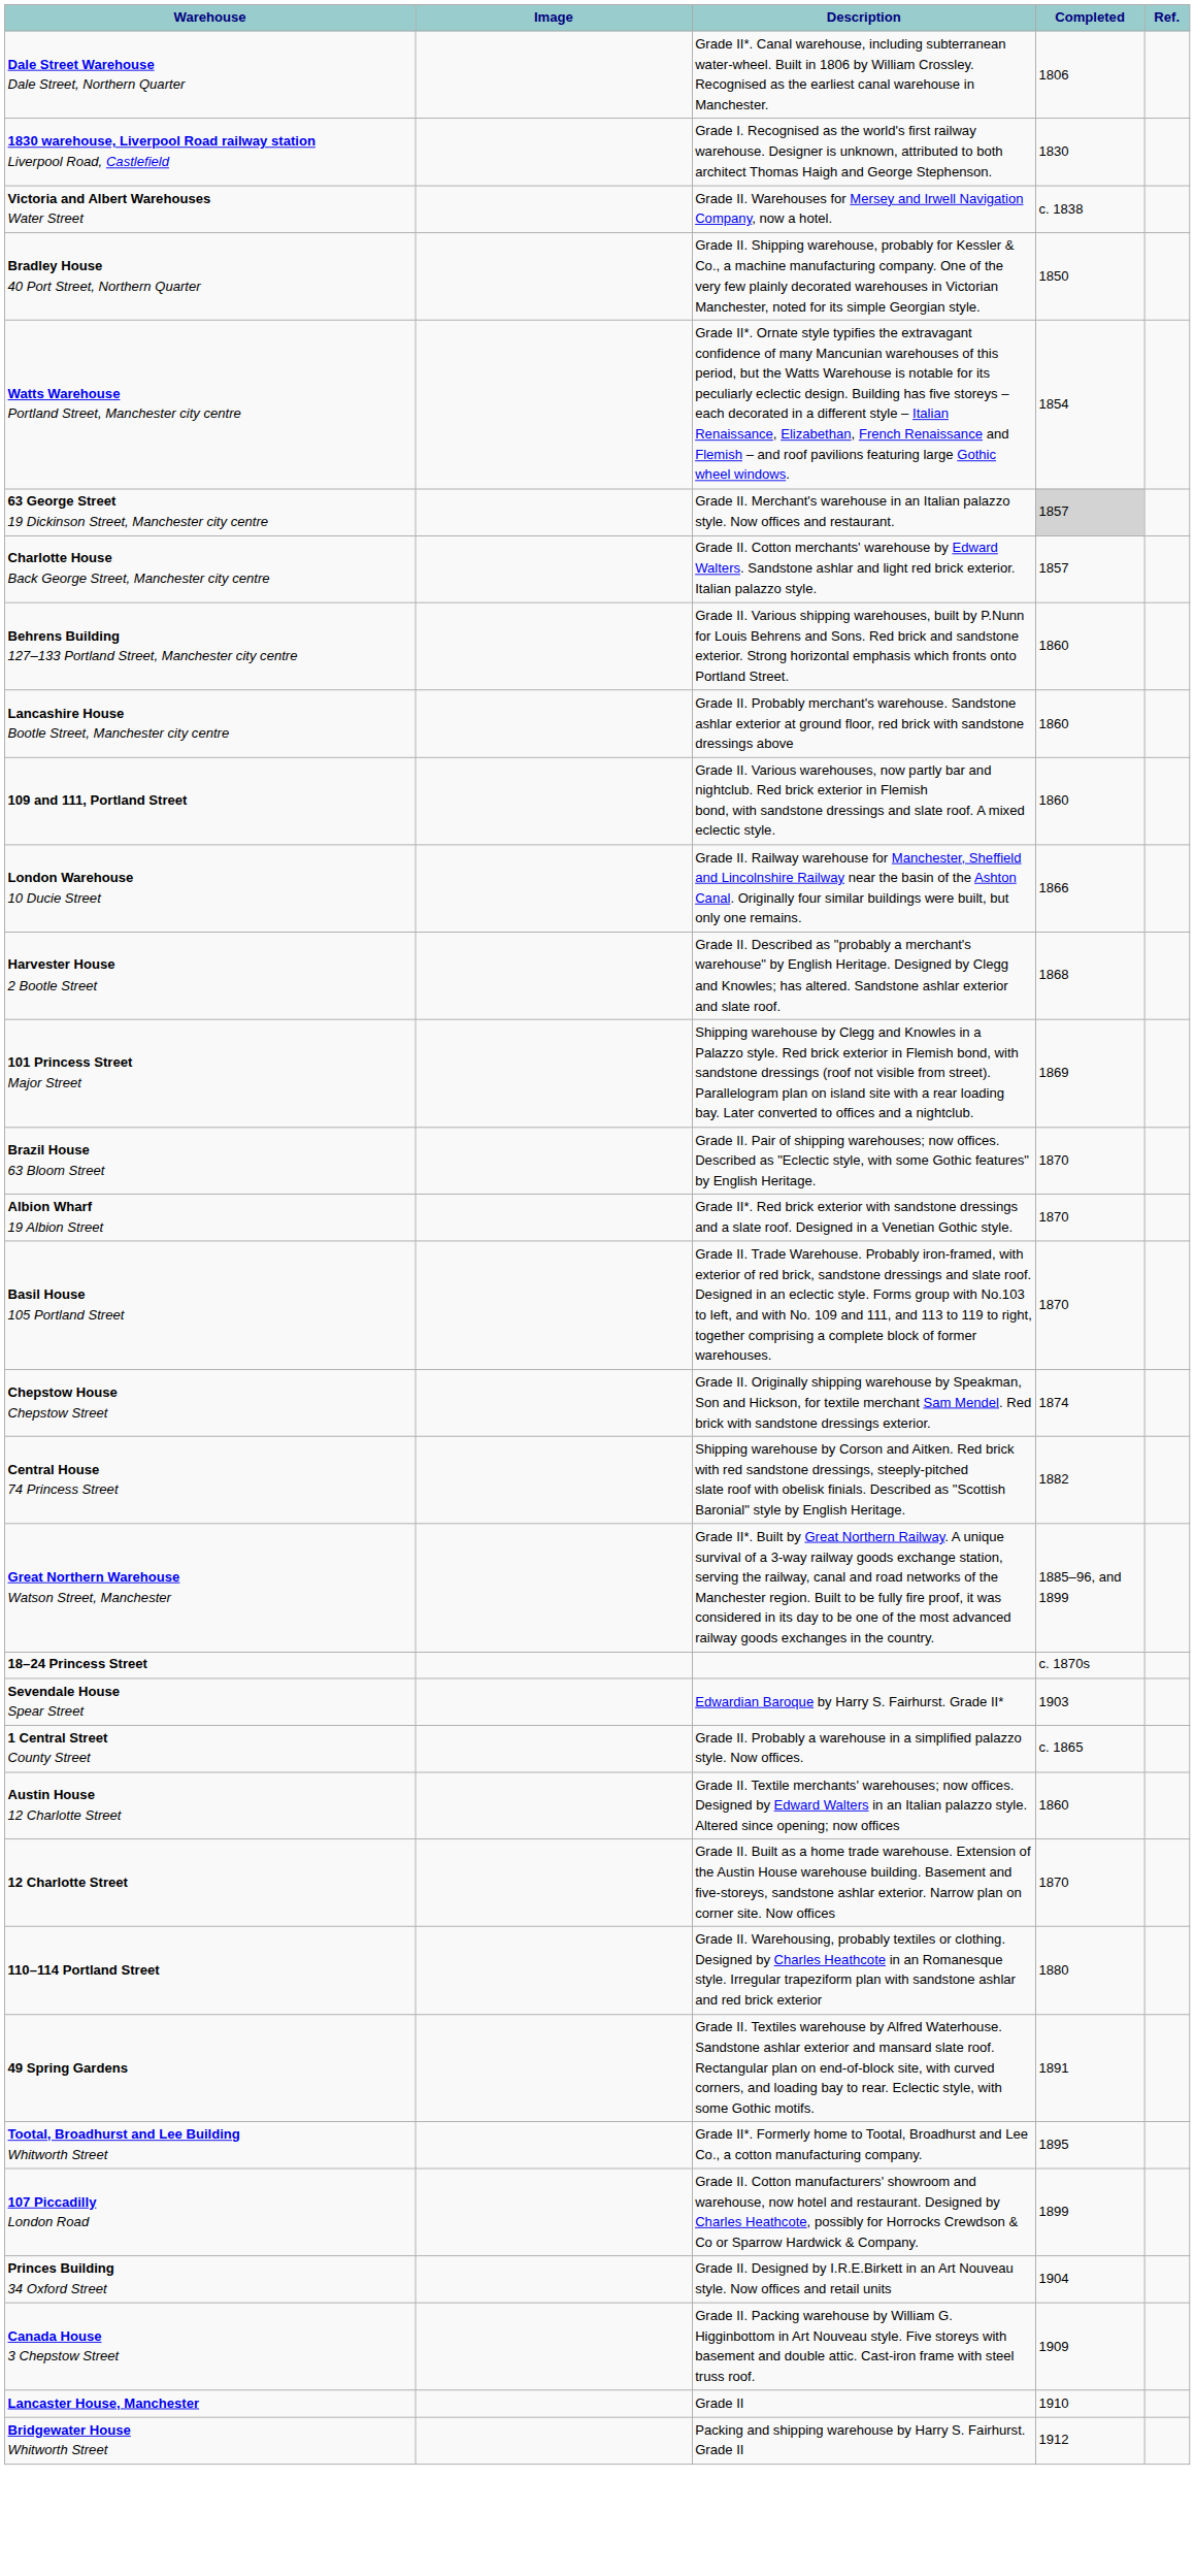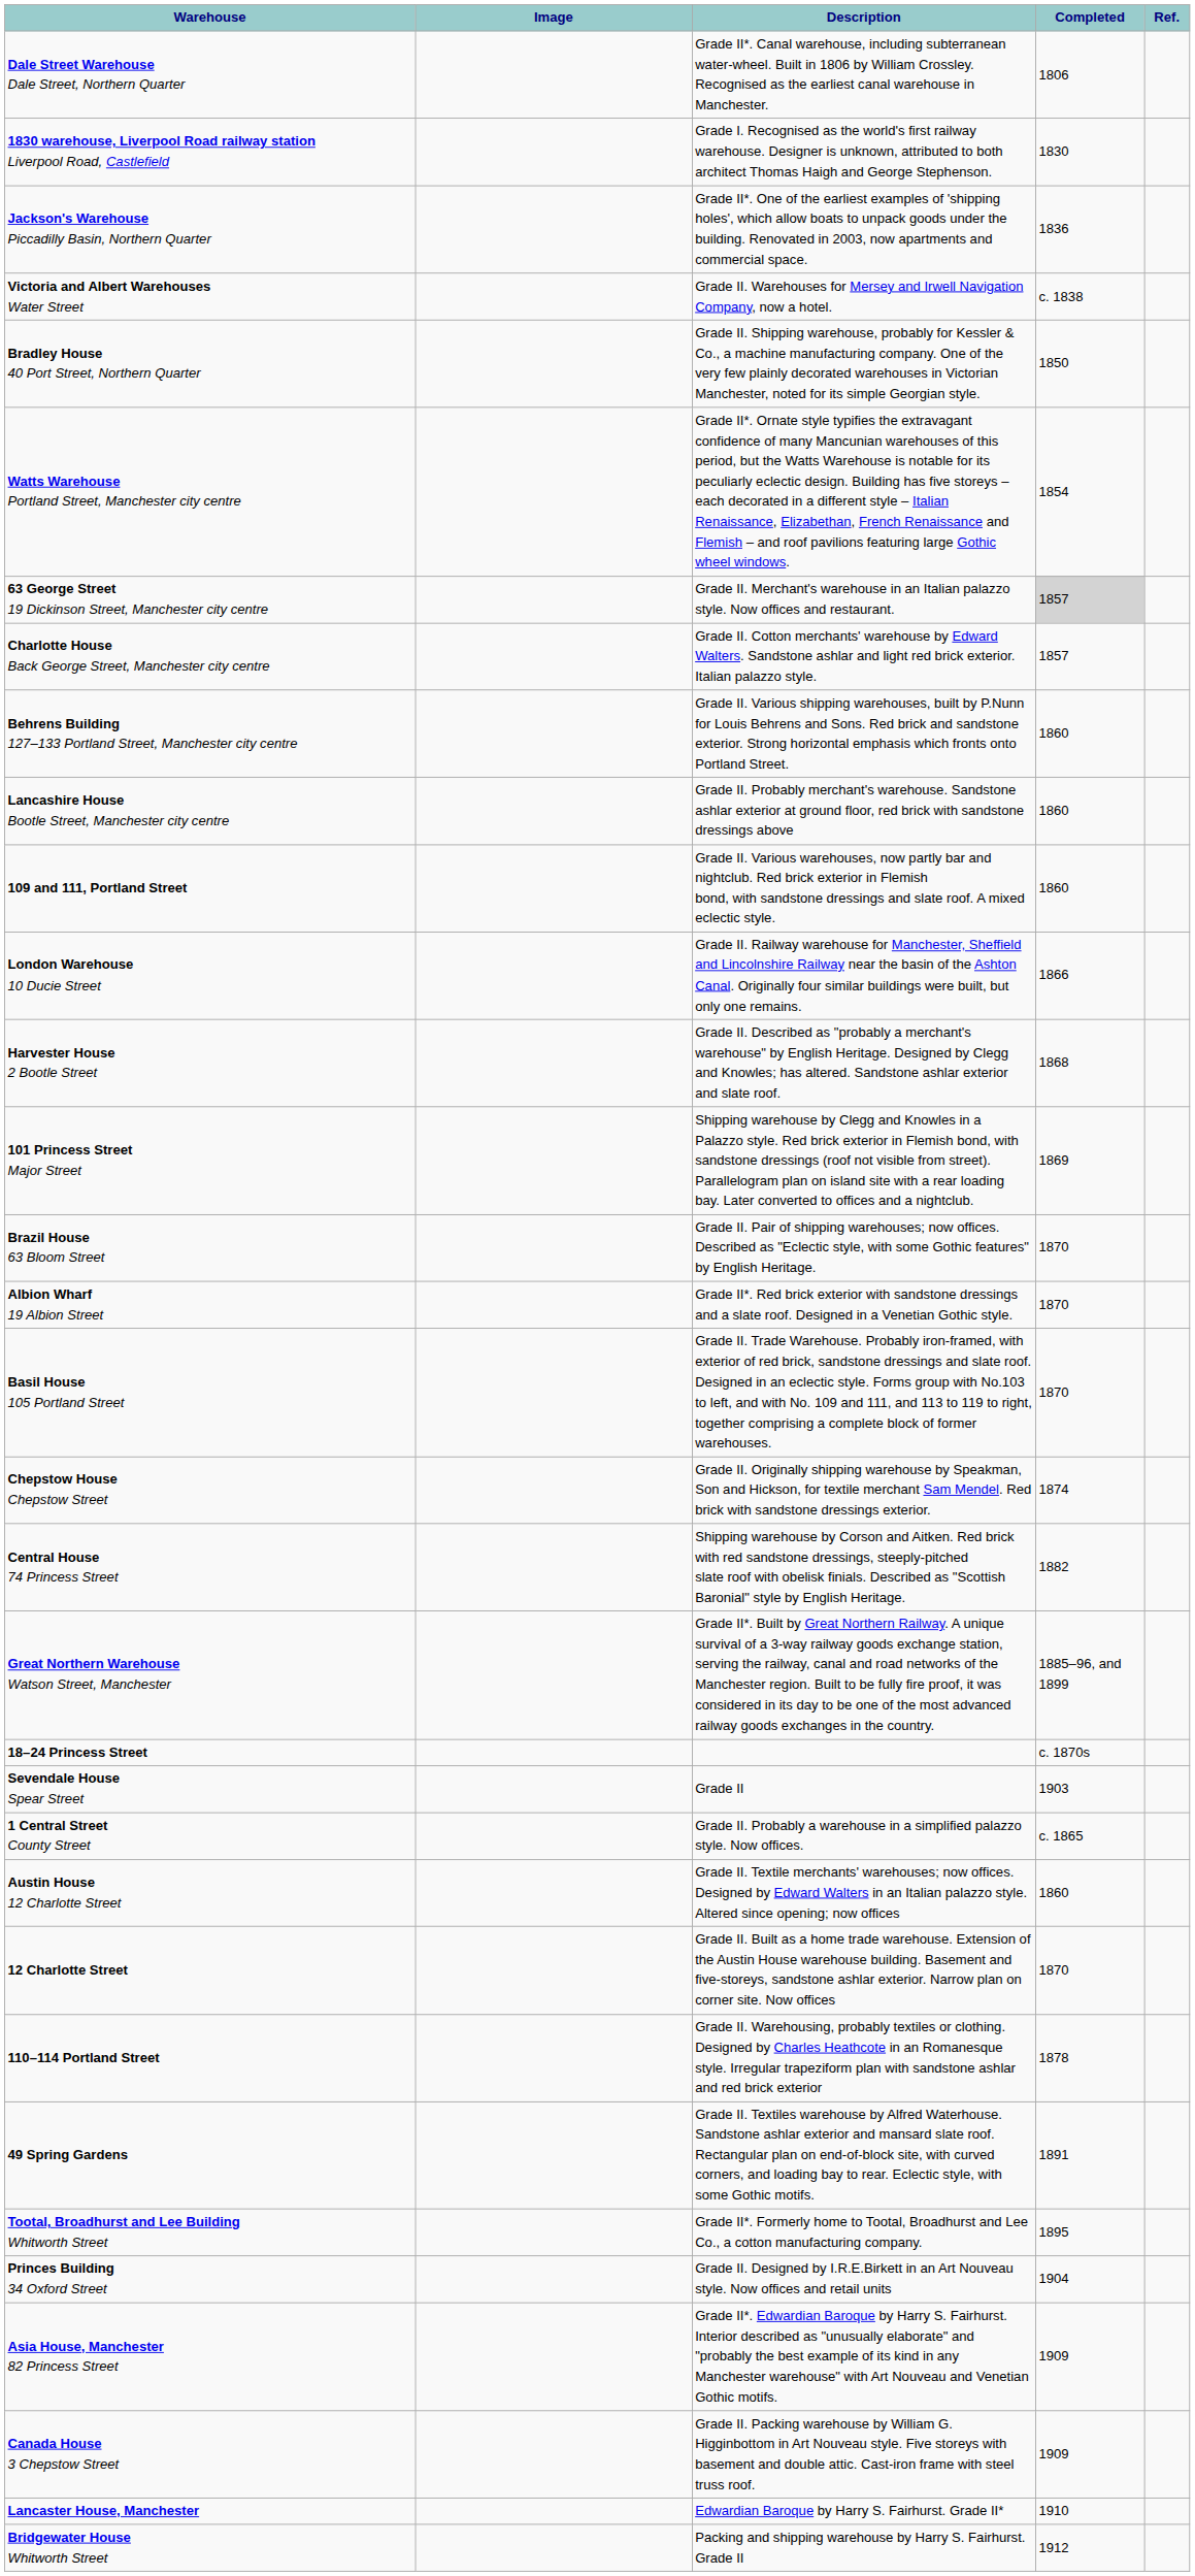 <table class="wikitable sortable" style="font-size:90%; width:100%; border:0; text-align:left; line-height:150%;">
 <tr>
 <th style="background:#9cc; color:navy; width:300px;">Warehouse</th>
 <th style="background:#9cc; color:navy; width:200px;">Image</th>
 <th style="background:#9cc; color:navy; width:250px;">Description</th>
 <th style="background:#9cc; color:navy; width:35px;">Completed</th>
 <th class="unsortable"  style="background:#9cc; color:navy; width:10px;">Ref.</th>
 </tr>
 <tr>
 <td><strong><a href='#'>Dale Street Warehouse</a></strong><br><em>Dale Street, Northern Quarter</em></td>
 <td></td>
 <td>Grade II*. Canal warehouse, including subterranean water-wheel. Built in 1806 by William Crossley. Recognised as the earliest canal warehouse in Manchester.</td>
 <td>1806</td>
 <td></td>
 </tr>
 <tr>
 <td><strong><a href='#'>1830 warehouse, Liverpool Road railway station</a></strong><br><em>Liverpool Road, <a href='#'>Castlefield</a></em></td>
 <td></td>
 <td>Grade I. Recognised as the world's first railway warehouse. Designer is unknown, attributed to both architect Thomas Haigh and George Stephenson.</td>
 <td>1830</td>
+<td></td>
+</tr>
+<tr>
+<td><strong><a href='#'>Jackson's Warehouse</a></strong><br><em>Piccadilly Basin, Northern Quarter</em></td>
+<td></td>
+<td>Grade II*. One of the earliest examples of 'shipping holes', which allow boats to unpack goods under the building. Renovated in 2003, now apartments and commercial space.</td>
+<td>1836</td>
 <td></td>
 </tr>
 <tr>
 <td><strong>Victoria and Albert Warehouses</strong><br><em>Water Street</em></td>
 <td></td>
 <td>Grade II. Warehouses for <a href='#'>Mersey and Irwell Navigation Company</a>, now a  hotel.</td>
 <td>c. 1838</td>
 <td></td>
 </tr>
 <tr>
 <td><strong>Bradley House</strong><br><em>40 Port Street, Northern Quarter</em></td>
 <td></td>
 <td>Grade II. Shipping warehouse, probably for Kessler & Co., a machine manufacturing company. One of the very few plainly decorated warehouses in Victorian Manchester, noted for its simple Georgian style.</td>
 <td>1850</td>
 <td></td>
 </tr>
 <tr>
 <td><strong><a href='#'>Watts Warehouse</a></strong><br><em>Portland Street, Manchester city centre</em></td>
 <td></td>
 <td>Grade II*. Ornate style typifies the extravagant confidence of many Mancunian warehouses of this period, but the Watts Warehouse is notable for its peculiarly eclectic design. Building has five storeys – each decorated in a different style – <a href='#'>Italian Renaissance</a>, <a href='#'>Elizabethan</a>, <a href='#'>French Renaissance</a> and <a href='#'>Flemish</a> – and roof pavilions featuring large <a href='#'>Gothic</a> <a href='#'>wheel windows</a>.</td>
 <td>1854</td>
 <td></td>
 </tr>
 <tr>
 <td><strong>63 George Street</strong><br><em>19 Dickinson Street, Manchester city centre</em></td>
 <td></td>
 <td>Grade II. Merchant's warehouse in an Italian palazzo style. Now offices and restaurant.</td>
 <td style="background: lightgrey;">1857</td>
 <td></td>
 </tr>
 <tr>
 <td><strong>Charlotte House</strong><br><em>Back George Street, Manchester city centre</em></td>
 <td></td>
 <td>Grade II. Cotton merchants' warehouse by <a href='#'>Edward Walters</a>. Sandstone ashlar and light red brick exterior. Italian palazzo style.</td>
 <td>1857</td>
 <td></td>
 </tr>
 <tr>
 <td><strong>Behrens Building</strong><br><em>127–133 Portland Street, Manchester city centre</em></td>
 <td></td>
 <td>Grade II. Various shipping warehouses, built by P.Nunn for Louis Behrens and Sons. Red brick and sandstone exterior. Strong horizontal emphasis which fronts onto Portland Street.</td>
 <td>1860</td>
 <td></td>
 </tr>
 <tr>
 <td><strong>Lancashire House</strong><br><em>Bootle Street, Manchester city centre </em></td>
 <td></td>
 <td>Grade II. Probably merchant's warehouse. Sandstone ashlar exterior at ground floor, red brick with sandstone dressings above</td>
 <td>1860</td>
 <td></td>
 </tr>
 <tr>
 <td><strong>109 and 111, Portland Street</strong></td>
 <td></td>
 <td>Grade II. Various warehouses, now partly bar and nightclub. Red brick exterior in Flemish<br>bond, with sandstone dressings and slate roof. A mixed eclectic style.</td>
 <td>1860</td>
 <td></td>
 </tr>
 <tr>
 <td><strong>London Warehouse</strong><br><em>10 Ducie Street</em></td>
 <td></td>
 <td>Grade II. Railway warehouse for <a href='#'>Manchester, Sheffield and Lincolnshire Railway</a> near the basin of the <a href='#'>Ashton Canal</a>. Originally four similar buildings were built, but only one remains.</td>
 <td>1866</td>
 <td></td>
 </tr>
 <tr>
 <td><strong>Harvester House</strong><br><em>2 Bootle Street</em></td>
 <td></td>
 <td>Grade II. Described as "probably a merchant's warehouse" by English Heritage. Designed by  Clegg and Knowles; has altered. Sandstone ashlar exterior and slate roof.</td>
 <td>1868</td>
 <td></td>
 </tr>
 <tr>
 <td><strong>101 Princess Street</strong><br><em>Major Street</em></td>
 <td></td>
 <td>Shipping warehouse by Clegg and Knowles in a Palazzo style. Red brick exterior in Flemish bond, with sandstone dressings (roof not visible from street). Parallelogram plan on island site with a rear loading bay. Later converted to offices and a nightclub.</td>
 <td>1869</td>
 <td></td>
 </tr>
 <tr>
 <td><strong>Brazil House</strong><br><em>63 Bloom Street</em></td>
 <td></td>
 <td>Grade II. Pair of shipping warehouses; now offices. Described as "Eclectic style, with some Gothic features" by English Heritage.</td>
 <td>1870</td>
 <td></td>
 </tr>
 <tr>
 <td><strong>Albion Wharf</strong><br><em>19 Albion Street</em></td>
 <td></td>
 <td>Grade II*. Red brick exterior with sandstone dressings and a slate roof. Designed in a Venetian Gothic style.</td>
 <td>1870</td>
 <td></td>
 </tr>
 <tr>
 <td><strong>Basil House</strong><br><em>105 Portland Street </em></td>
 <td></td>
 <td>Grade II. Trade Warehouse. Probably iron-framed, with exterior of red brick, sandstone dressings and slate roof. Designed in an eclectic style. Forms group with No.103 to left, and with No. 109 and 111, and 113 to 119 to right, together comprising a complete block of former warehouses.</td>
 <td>1870</td>
 <td></td>
 </tr>
 <tr>
 <td><strong>Chepstow House</strong><br><em>Chepstow Street</em></td>
 <td></td>
 <td>Grade II. Originally shipping warehouse by Speakman, Son and Hickson, for textile merchant <a href='#'>Sam Mendel</a>. Red brick with sandstone dressings exterior.</td>
 <td>1874</td>
 <td></td>
 </tr>
 <tr>
 <td><strong>Central House</strong><br><em>74 Princess Street</em></td>
 <td></td>
 <td>Shipping warehouse by Corson and Aitken. Red brick with red sandstone dressings, steeply-pitched<br>slate roof with obelisk finials. Described as "Scottish Baronial" style by English Heritage.</td>
 <td>1882</td>
 <td></td>
 </tr>
 <tr>
 <td><strong><a href='#'>Great Northern Warehouse</a></strong><br><em>Watson Street, Manchester</em></td>
 <td></td>
 <td>Grade II*. Built by <a href='#'>Great Northern Railway</a>. A unique survival of a 3-way railway goods exchange station, serving the railway, canal and road networks of the Manchester region. Built to be fully fire proof, it was considered in its day to be one of the most advanced railway goods exchanges in the country.</td>
 <td>1885–96, and 1899</td>
 <td></td>
 </tr>
 <tr>
 <td><strong>18–24 Princess Street</strong></td>
 <td></td>
 <td></td>
 <td>c. 1870s</td>
 <td></td>
 </tr>
 <tr>
 <td><strong>Sevendale House</strong><br><em>Spear Street</em></td>
 <td></td>
-<td><a href='#'>Edwardian Baroque</a> by Harry S. Fairhurst. Grade II*</td>
+<td>Grade II</td>
 <td>1903</td>
 <td></td>
 </tr>
 <tr>
 <td><strong>1 Central Street</strong><br><em>County Street</em></td>
 <td></td>
 <td>Grade II. Probably a warehouse in a simplified palazzo style. Now offices.</td>
 <td>c. 1865</td>
 <td></td>
 </tr>
 <tr>
 <td><strong>Austin House</strong><br><em>12 Charlotte Street</em></td>
 <td></td>
 <td>Grade II. Textile merchants' warehouses; now offices. Designed by <a href='#'>Edward Walters</a> in an Italian palazzo style. Altered since opening; now offices</td>
 <td>1860</td>
 <td></td>
 </tr>
 <tr>
 <td><strong>12 Charlotte Street</strong></td>
 <td></td>
 <td>Grade II. Built as a home trade warehouse. Extension of the Austin House warehouse building. Basement and five-storeys, sandstone ashlar exterior. Narrow plan on corner site. Now offices</td>
 <td>1870</td>
 <td></td>
 </tr>
 <tr>
 <td><strong>110–114 Portland Street</strong></td>
 <td></td>
 <td>Grade II. Warehousing, probably textiles or clothing. Designed by <a href='#'>Charles Heathcote</a> in an Romanesque style. Irregular trapeziform plan with sandstone ashlar and red brick exterior</td>
-<td>1880</td>
+<td>1878</td>
 <td></td>
 </tr>
 <tr>
 <td><strong>49 Spring Gardens</strong></td>
 <td></td>
 <td>Grade II. Textiles warehouse by Alfred Waterhouse. Sandstone ashlar exterior and mansard slate roof.<br>Rectangular plan on end-of-block site, with curved corners, and loading bay to rear. Eclectic style, with some Gothic  motifs.</td>
 <td>1891</td>
 <td></td>
 </tr>
 <tr>
 <td><strong><a href='#'>Tootal, Broadhurst and Lee Building</a></strong><br><em>Whitworth Street</em></td>
 <td></td>
 <td>Grade II*. Formerly home to Tootal, Broadhurst and Lee Co., a cotton manufacturing company.</td>
 <td>1895</td>
 <td></td>
 </tr>
 <tr>
-<td><strong><a href='#'>107 Piccadilly</a></strong><br><em>London Road</em></td>
-<td></td>
-<td>Grade II. Cotton manufacturers' showroom and warehouse, now hotel and restaurant. Designed by <a href='#'>Charles Heathcote</a>, possibly for Horrocks Crewdson & Co or Sparrow Hardwick & Company.</td>
-<td>1899</td>
-<td></td>
-</tr>
-<tr>
 <td><strong>Princes Building</strong><br><em>34 Oxford Street</em></td>
 <td></td>
 <td>Grade II. Designed by I.R.E.Birkett in an Art Nouveau style. Now offices and retail units</td>
 <td>1904</td>
+<td></td>
+</tr>
+<tr>
+<td><strong><a href='#'>Asia House, Manchester</a></strong><br><em>82 Princess Street</em></td>
+<td></td>
+<td>Grade II*. <a href='#'>Edwardian Baroque</a> by Harry S. Fairhurst. Interior described as "unusually elaborate" and "probably the best example of its kind in any Manchester warehouse" with Art Nouveau and Venetian Gothic motifs.</td>
+<td>1909</td>
 <td></td>
 </tr>
 <tr>
 <td><strong><a href='#'>Canada House</a></strong><br><em>3 Chepstow Street</em></td>
 <td></td>
 <td>Grade II. Packing warehouse by William G. Higginbottom in Art Nouveau style. Five storeys with basement and double attic. Cast-iron frame with steel truss roof.</td>
 <td>1909</td>
 <td></td>
 </tr>
 <tr>
 <td><strong><a href='#'>Lancaster House, Manchester</a></strong></td>
 <td></td>
-<td>Grade II</td>
+<td><a href='#'>Edwardian Baroque</a> by Harry S. Fairhurst. Grade II*</td>
 <td>1910</td>
 <td></td>
 </tr>
 <tr>
 <td><strong><a href='#'>Bridgewater House</a></strong><br><em>Whitworth Street</em></td>
 <td></td>
 <td>Packing and shipping warehouse by Harry S. Fairhurst. Grade II</td>
 <td>1912</td>
 <td></td>
 </tr>
 </table>
